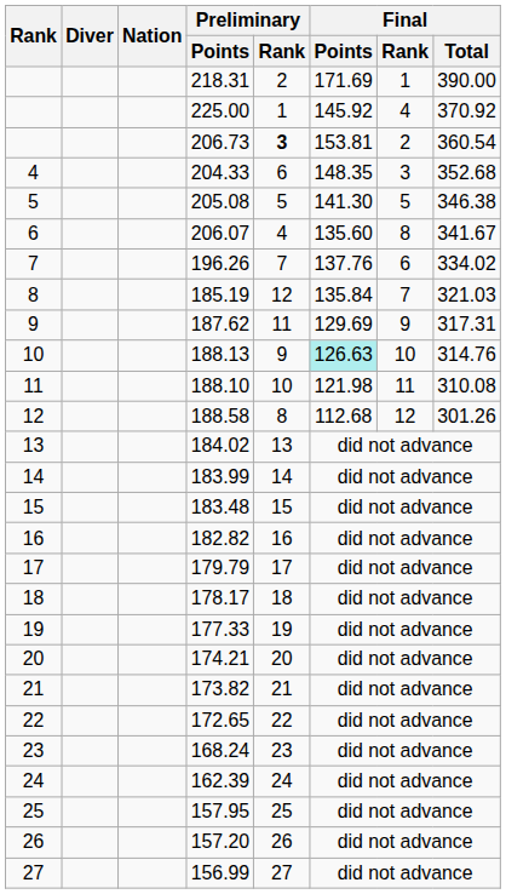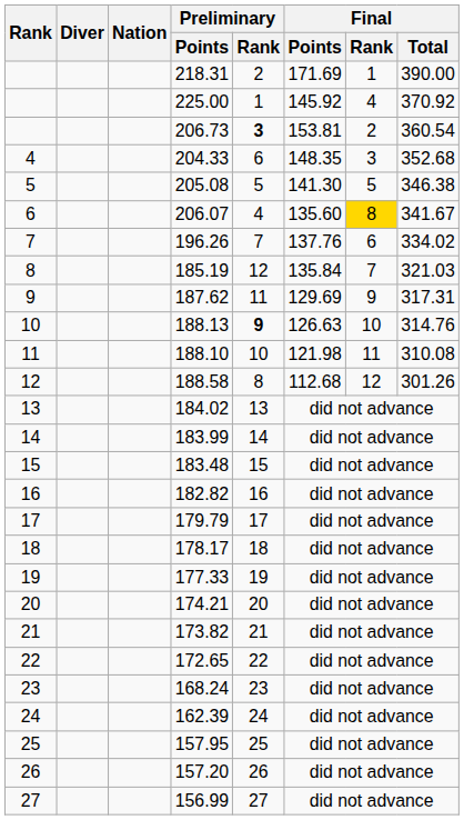 <table class="wikitable sortable" style="text-align:center;">
 <tr>
 <th rowspan=2>Rank</th>
 <th rowspan=2>Diver</th>
 <th rowspan=2>Nation</th>
 <th colspan=2>Preliminary</th>
 <th colspan=3>Final</th>
 </tr>
 <tr>
 <th>Points</th>
 <th>Rank</th>
 <th>Points</th>
 <th>Rank</th>
 <th>Total</th>
 </tr>
 <tr>
 <td></td>
 <td align=left></td>
 <td align=left></td>
 <td>218.31</td>
 <td>2</td>
 <td>171.69</td>
 <td>1</td>
 <td>390.00</td>
 </tr>
 <tr>
 <td></td>
 <td align=left></td>
 <td align=left></td>
 <td>225.00</td>
 <td>1</td>
 <td>145.92</td>
 <td>4</td>
 <td>370.92</td>
 </tr>
 <tr>
 <td></td>
 <td align=left></td>
 <td align=left></td>
 <td>206.73</td>
 <td><strong>3</strong></td>
 <td>153.81</td>
 <td>2</td>
 <td>360.54</td>
 </tr>
 <tr>
 <td>4</td>
 <td align=left></td>
 <td align=left></td>
 <td>204.33</td>
 <td>6</td>
 <td>148.35</td>
 <td>3</td>
 <td>352.68</td>
 </tr>
 <tr>
 <td>5</td>
 <td align=left></td>
 <td align=left></td>
 <td>205.08</td>
 <td>5</td>
 <td>141.30</td>
 <td>5</td>
 <td>346.38</td>
 </tr>
 <tr>
 <td>6</td>
 <td align=left></td>
 <td align=left></td>
 <td>206.07</td>
 <td>4</td>
 <td>135.60</td>
-<td>8</td>
+<td style="background: gold;">8</td>
 <td>341.67</td>
 </tr>
 <tr>
 <td>7</td>
 <td align=left></td>
 <td align=left></td>
 <td>196.26</td>
 <td>7</td>
 <td>137.76</td>
 <td>6</td>
 <td>334.02</td>
 </tr>
 <tr>
 <td>8</td>
 <td align=left></td>
 <td align=left></td>
 <td>185.19</td>
 <td>12</td>
 <td>135.84</td>
 <td>7</td>
 <td>321.03</td>
 </tr>
 <tr>
 <td>9</td>
 <td align=left></td>
 <td align=left></td>
 <td>187.62</td>
 <td>11</td>
 <td>129.69</td>
 <td>9</td>
 <td>317.31</td>
 </tr>
 <tr>
 <td>10</td>
 <td align=left></td>
 <td align=left></td>
 <td>188.13</td>
-<td>9</td>
-<td style="background: paleturquoise;">126.63</td>
+<td><strong>9</strong></td>
+<td>126.63</td>
 <td>10</td>
 <td>314.76</td>
 </tr>
 <tr>
 <td>11</td>
 <td align=left></td>
 <td align=left></td>
 <td>188.10</td>
 <td>10</td>
 <td>121.98</td>
 <td>11</td>
 <td>310.08</td>
 </tr>
 <tr>
 <td>12</td>
 <td align=left></td>
 <td align=left></td>
 <td>188.58</td>
 <td>8</td>
 <td>112.68</td>
 <td>12</td>
 <td>301.26</td>
 </tr>
 <tr>
 <td>13</td>
 <td align=left></td>
 <td align=left></td>
 <td>184.02</td>
 <td>13</td>
 <td colspan=3>did not advance</td>
 </tr>
 <tr>
 <td>14</td>
 <td align=left></td>
 <td align=left></td>
 <td>183.99</td>
 <td>14</td>
 <td colspan=3>did not advance</td>
 </tr>
 <tr>
 <td>15</td>
 <td align=left></td>
 <td align=left></td>
 <td>183.48</td>
 <td>15</td>
 <td colspan=3>did not advance</td>
 </tr>
 <tr>
 <td>16</td>
 <td align=left></td>
 <td align=left></td>
 <td>182.82</td>
 <td>16</td>
 <td colspan=3>did not advance</td>
 </tr>
 <tr>
 <td>17</td>
 <td align=left></td>
 <td align=left></td>
 <td>179.79</td>
 <td>17</td>
 <td colspan=3>did not advance</td>
 </tr>
 <tr>
 <td>18</td>
 <td align=left></td>
 <td align=left></td>
 <td>178.17</td>
 <td>18</td>
 <td colspan=3>did not advance</td>
 </tr>
 <tr>
 <td>19</td>
 <td align=left></td>
 <td align=left></td>
 <td>177.33</td>
 <td>19</td>
 <td colspan=3>did not advance</td>
 </tr>
 <tr>
 <td>20</td>
 <td align=left></td>
 <td align=left></td>
 <td>174.21</td>
 <td>20</td>
 <td colspan=3>did not advance</td>
 </tr>
 <tr>
 <td>21</td>
 <td align=left></td>
 <td align=left></td>
 <td>173.82</td>
 <td>21</td>
 <td colspan=3>did not advance</td>
 </tr>
 <tr>
 <td>22</td>
 <td align=left></td>
 <td align=left></td>
 <td>172.65</td>
 <td>22</td>
 <td colspan=3>did not advance</td>
 </tr>
 <tr>
 <td>23</td>
 <td align=left></td>
 <td align=left></td>
 <td>168.24</td>
 <td>23</td>
 <td colspan=3>did not advance</td>
 </tr>
 <tr>
 <td>24</td>
 <td align=left></td>
 <td align=left></td>
 <td>162.39</td>
 <td>24</td>
 <td colspan=3>did not advance</td>
 </tr>
 <tr>
 <td>25</td>
 <td align=left></td>
 <td align=left></td>
 <td>157.95</td>
 <td>25</td>
 <td colspan=3>did not advance</td>
 </tr>
 <tr>
 <td>26</td>
 <td align=left></td>
 <td align=left></td>
 <td>157.20</td>
 <td>26</td>
 <td colspan=3>did not advance</td>
 </tr>
 <tr>
 <td>27</td>
 <td align=left></td>
 <td align=left></td>
 <td>156.99</td>
 <td>27</td>
 <td colspan=3>did not advance</td>
 </tr>
 </table>
